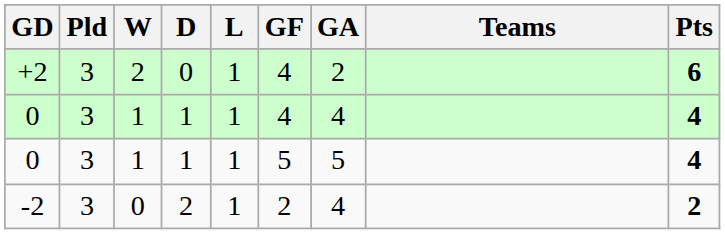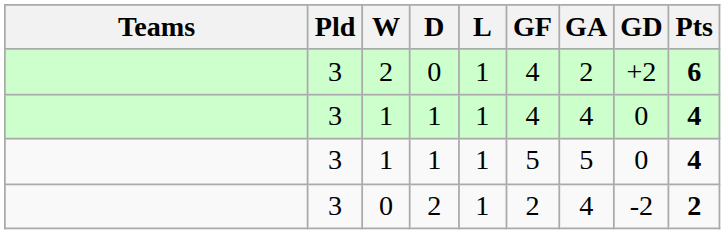 <table class="wikitable" style="text-align: center;">
 <tr>
-<th width=20>GD</th>
+<th width=165>Teams</th>
 <th width=20>Pld</th>
 <th width=20>W</th>
 <th width=20>D</th>
 <th width=20>L</th>
 <th width=20>GF</th>
 <th width=20>GA</th>
-<th width=165>Teams</th>
+<th width=20>GD</th>
 <th width=20>Pts</th>
 </tr>
 <tr align=center style="background:#ccffcc;">
-<td>+2</td>
+<td style="text-align:left;"></td>
 <td>3</td>
 <td>2</td>
 <td>0</td>
 <td>1</td>
 <td>4</td>
 <td>2</td>
-<td style="text-align:left;"></td>
+<td>+2</td>
 <td><strong>6</strong></td>
 </tr>
 <tr align=center style="background:#ccffcc;">
-<td>0</td>
+<td style="text-align:left;"></td>
 <td>3</td>
 <td>1</td>
 <td>1</td>
 <td>1</td>
 <td>4</td>
 <td>4</td>
-<td style="text-align:left;"></td>
+<td>0</td>
 <td><strong>4</strong></td>
 </tr>
 <tr align=center>
-<td>0</td>
+<td style="text-align:left;"></td>
 <td>3</td>
 <td>1</td>
 <td>1</td>
 <td>1</td>
 <td>5</td>
 <td>5</td>
-<td style="text-align:left;"></td>
+<td>0</td>
 <td><strong>4</strong></td>
 </tr>
 <tr align=center>
-<td>-2</td>
+<td style="text-align:left;"></td>
 <td>3</td>
 <td>0</td>
 <td>2</td>
 <td>1</td>
 <td>2</td>
 <td>4</td>
-<td style="text-align:left;"></td>
+<td>-2</td>
 <td><strong>2</strong></td>
 </tr>
 </table>
